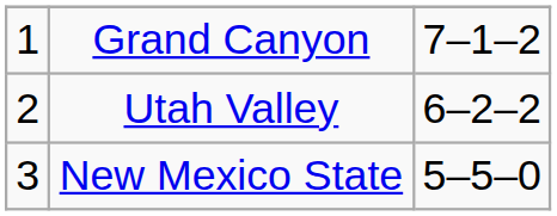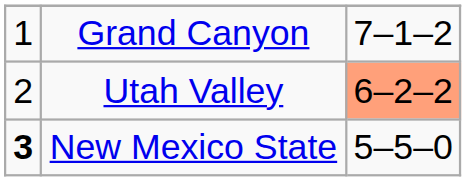 <table class="wikitable" style="display: inline-table;">
 <tr align="center">
 </tr>
 <tr align="center">
 <td>1</td>
 <td><a href='#'>Grand Canyon</a></td>
 <td>7–1–2</td>
 </tr>
 <tr align="center">
 <td>2</td>
 <td><a href='#'>Utah Valley</a></td>
-<td>6–2–2</td>
+<td style="background: lightsalmon;">6–2–2</td>
 </tr>
 <tr align="center">
-<td>3</td>
+<td><strong>3</strong></td>
 <td><a href='#'>New Mexico State</a></td>
 <td>5–5–0</td>
 </tr>
 </table>
